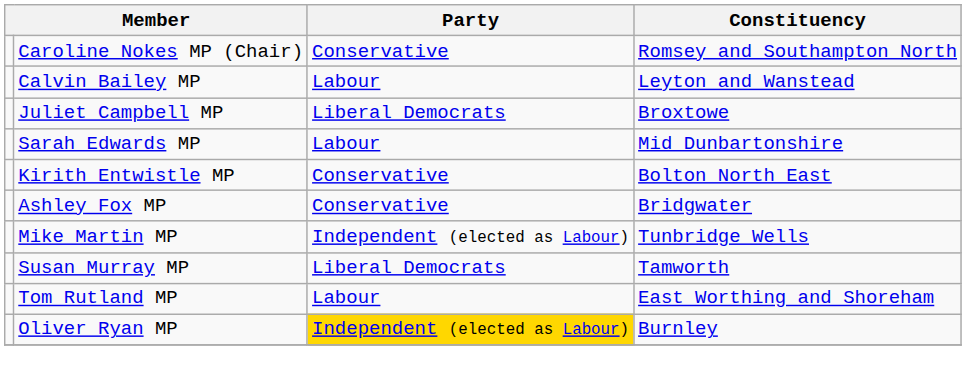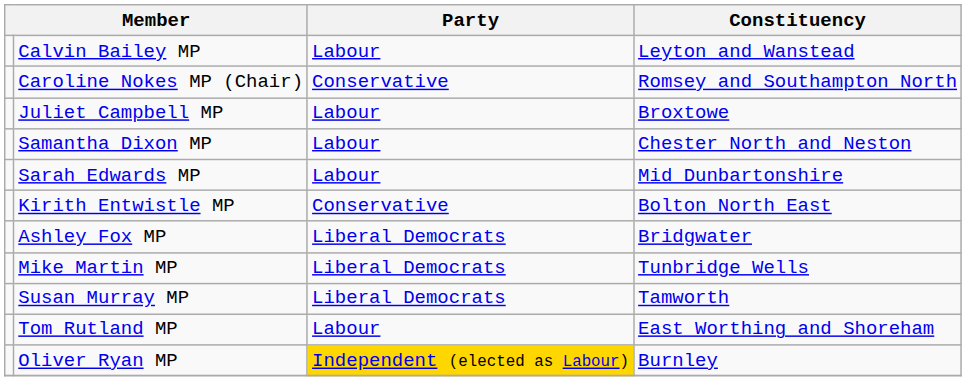 <table class="wikitable">
 <tr>
 <th colspan="2" valign="top">Member</th>
 <th valign="top">Party</th>
 <th valign="top">Constituency</th>
+</tr>
+<tr>
+<td style="color:inherit;background:"></td>
+<td><a href='#'>Calvin Bailey</a> MP</td>
+<td><a href='#'>Labour</a></td>
+<td><a href='#'>Leyton and Wanstead</a></td>
 </tr>
 <tr>
 <td style="color:inherit;background:"></td>
 <td><a href='#'>Caroline Nokes</a> MP (Chair)</td>
 <td><a href='#'>Conservative</a></td>
 <td><a href='#'>Romsey and Southampton North</a></td>
 </tr>
 <tr>
 <td style="color:inherit;background:"></td>
-<td><a href='#'>Calvin Bailey</a> MP</td>
+<td><a href='#'>Juliet Campbell</a> MP</td>
 <td><a href='#'>Labour</a></td>
-<td><a href='#'>Leyton and Wanstead</a></td>
+<td><a href='#'>Broxtowe</a></td>
 </tr>
 <tr>
 <td style="color:inherit;background:"></td>
-<td><a href='#'>Juliet Campbell</a> MP</td>
-<td><a href='#'>Liberal Democrats</a></td>
-<td><a href='#'>Broxtowe</a></td>
+<td><a href='#'>Samantha Dixon</a> MP</td>
+<td><a href='#'>Labour</a></td>
+<td><a href='#'>Chester North and Neston</a></td>
 </tr>
 <tr>
 <td style="color:inherit;background:"></td>
 <td><a href='#'>Sarah Edwards</a> MP</td>
 <td><a href='#'>Labour</a></td>
 <td><a href='#'>Mid Dunbartonshire</a></td>
 </tr>
 <tr>
 <td style="color:inherit;background:"></td>
 <td><a href='#'>Kirith Entwistle</a> MP</td>
 <td><a href='#'>Conservative</a></td>
 <td><a href='#'>Bolton North East</a></td>
 </tr>
 <tr>
 <td style="color:inherit;background:"></td>
 <td><a href='#'>Ashley Fox</a> MP</td>
-<td><a href='#'>Conservative</a></td>
+<td><a href='#'>Liberal Democrats</a></td>
 <td><a href='#'>Bridgwater</a></td>
 </tr>
 <tr>
 <td style="color:inherit;background:"></td>
 <td><a href='#'>Mike Martin</a> MP</td>
-<td><a href='#'>Independent</a> <small>(elected as <a href='#'>Labour</a>)</small></td>
+<td><a href='#'>Liberal Democrats</a></td>
 <td><a href='#'>Tunbridge Wells</a></td>
 </tr>
 <tr>
 <td style="color:inherit;background:"></td>
 <td><a href='#'>Susan Murray</a> MP</td>
 <td><a href='#'>Liberal Democrats</a></td>
 <td><a href='#'>Tamworth</a></td>
 </tr>
 <tr>
 <td style="color:inherit;background:"></td>
 <td><a href='#'>Tom Rutland</a> MP</td>
 <td><a href='#'>Labour</a></td>
 <td><a href='#'>East Worthing and Shoreham</a></td>
 </tr>
 <tr>
 <td style="color:inherit;background:"></td>
 <td><a href='#'>Oliver Ryan</a> MP</td>
 <td style="background: gold;"><a href='#'>Independent</a> <small>(elected as <a href='#'>Labour</a>)</small></td>
 <td><a href='#'>Burnley</a></td>
 </tr>
 <tr>
 </tr>
 </table>
